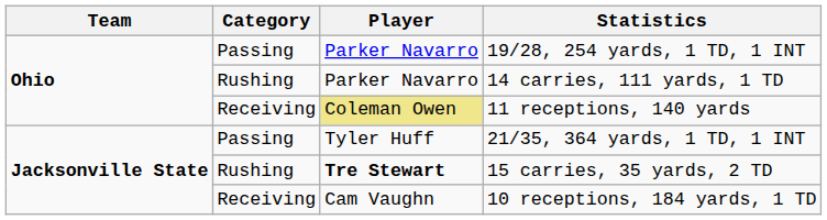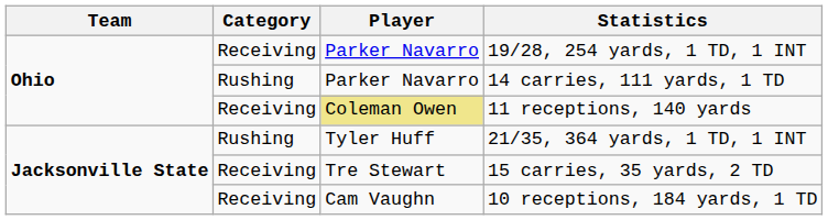 <table class="wikitable" style="float: right;">
 <tr>
 <th>Team</th>
 <th>Category</th>
 <th>Player</th>
 <th>Statistics</th>
 </tr>
 <tr>
 <td rowspan=3><strong>Ohio</strong></td>
-<td>Passing</td>
+<td>Receiving</td>
 <td><a href='#'>Parker Navarro</a></td>
 <td>19/28, 254 yards, 1 TD, 1 INT</td>
 </tr>
 <tr>
 <td>Rushing</td>
 <td>Parker Navarro</td>
 <td>14 carries, 111 yards, 1 TD</td>
 </tr>
 <tr>
 <td>Receiving</td>
 <td style="background: khaki;">Coleman Owen</td>
 <td>11 receptions, 140 yards</td>
 </tr>
 <tr>
 <td rowspan=3><strong>Jacksonville State</strong></td>
-<td>Passing</td>
+<td>Rushing</td>
 <td>Tyler Huff</td>
 <td>21/35, 364 yards, 1 TD, 1 INT</td>
 </tr>
 <tr>
-<td>Rushing</td>
-<td><strong>Tre Stewart</strong></td>
+<td>Receiving</td>
+<td>Tre Stewart</td>
 <td>15 carries, 35 yards, 2 TD</td>
 </tr>
 <tr>
 <td>Receiving</td>
 <td>Cam Vaughn</td>
 <td>10 receptions, 184 yards, 1 TD</td>
 </tr>
 </table>
